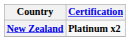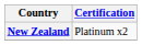 <table class="wikitable sortable plainrowheaders">
 <tr>
 <th scope=row><strong>Country</strong></th>
 <th scope=row><strong><a href='#'>Certification</a></strong></th>
 </tr>
 <tr>
 <th scope=row><a href='#'>New Zealand</a></th>
-<td><strong>Platinum x2</strong></td>
+<td>Platinum x2</td>
 </tr>
 <tr>
 </tr>
 </table>
